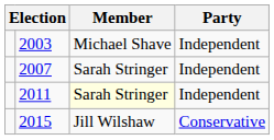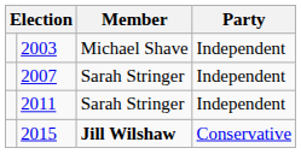 <table class="wikitable">
 <tr>
 <th colspan="2">Election</th>
 <th>Member</th>
 <th>Party</th>
 </tr>
 <tr>
 <td style="background-color: "></td>
 <td><a href='#'>2003</a></td>
 <td>Michael Shave</td>
 <td>Independent</td>
 </tr>
 <tr>
 <td style="background-color: "></td>
 <td><a href='#'>2007</a></td>
 <td>Sarah Stringer</td>
 <td>Independent</td>
 </tr>
 <tr>
 <td style="background-color: "></td>
 <td><a href='#'>2011</a></td>
-<td style="background: lightyellow;">Sarah Stringer</td>
+<td>Sarah Stringer</td>
 <td>Independent</td>
 </tr>
 <tr>
 <td style="background-color: "></td>
 <td><a href='#'>2015</a></td>
-<td>Jill Wilshaw</td>
+<td><strong>Jill Wilshaw</strong></td>
 <td><a href='#'>Conservative</a></td>
 </tr>
 </table>
